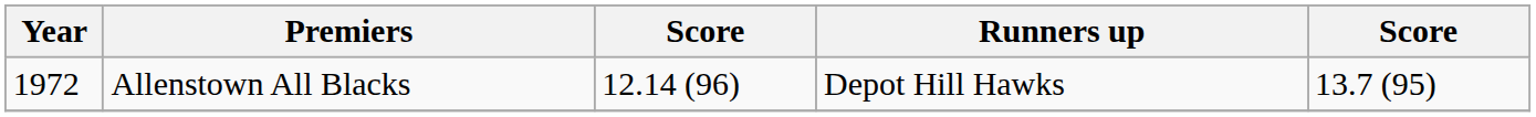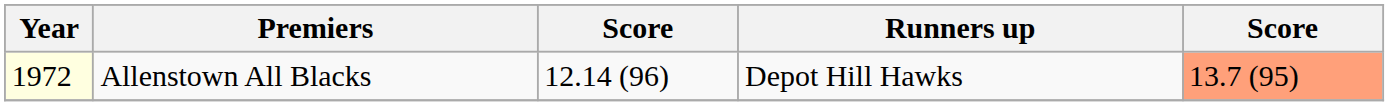 <table class="wikitable">
 <tr>
 <th width = "40">Year</th>
 <th width = "230">Premiers</th>
 <th width = "100">Score</th>
 <th width = "230">Runners up</th>
 <th width = "100">Score</th>
 </tr>
 <tr>
-<td>1972</td>
+<td style="background: lightyellow;">1972</td>
 <td>Allenstown All Blacks</td>
 <td>12.14 (96)</td>
 <td>Depot Hill Hawks</td>
-<td>13.7 (95)</td>
+<td style="background: lightsalmon;">13.7 (95)</td>
 </tr>
 <tr>
 </tr>
 </table>
